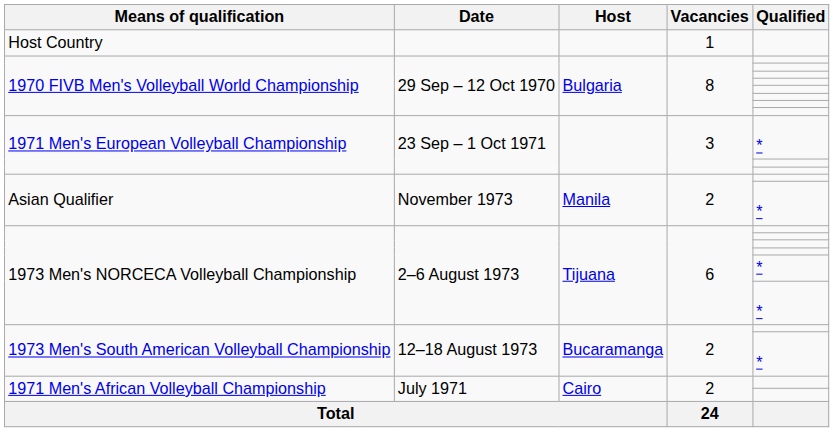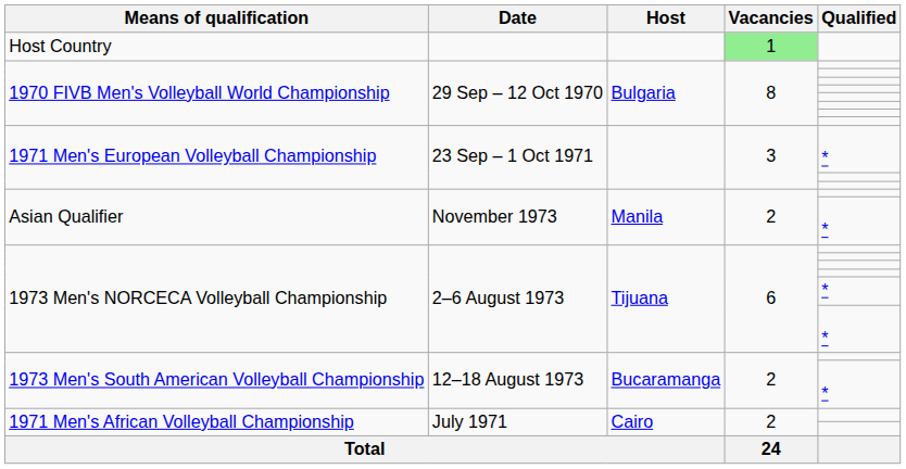 <table class="wikitable">
 <tr>
 <th>Means of qualification</th>
 <th>Date</th>
 <th>Host</th>
 <th>Vacancies</th>
 <th>Qualified</th>
 </tr>
 <tr>
 <td>Host Country</td>
 <td></td>
 <td></td>
-<td align=center>1</td>
+<td align=center style="background: lightgreen;">1</td>
 <td></td>
 </tr>
 <tr>
 <td rowspan=8><a href='#'>1970 FIVB Men's Volleyball World Championship</a></td>
 <td rowspan=8>29 Sep – 12 Oct 1970</td>
 <td rowspan=8> <a href='#'>Bulgaria</a></td>
 <td rowspan=8 align=center>8</td>
 <td></td>
 </tr>
 <tr>
 <td></td>
 </tr>
 <tr>
 <td></td>
 </tr>
 <tr>
 <td></td>
 </tr>
 <tr>
 <td></td>
 </tr>
 <tr>
 <td></td>
 </tr>
 <tr>
 <td></td>
 </tr>
 <tr>
 <td></td>
 </tr>
 <tr>
 <td rowspan=3><a href='#'>1971 Men's European Volleyball Championship</a></td>
 <td rowspan=3>23 Sep – 1 Oct 1971</td>
 <td rowspan=3></td>
 <td rowspan=3 align=center>3</td>
 <td><s></s><br><a href='#'>*</a></td>
 </tr>
 <tr>
 <td></td>
 </tr>
 <tr>
 <td></td>
 </tr>
 <tr>
 <td rowspan=2>Asian Qualifier</td>
 <td rowspan=2>November 1973</td>
 <td rowspan=2> <a href='#'>Manila</a></td>
 <td rowspan=2 align=center>2</td>
 <td></td>
 </tr>
 <tr>
 <td><s></s><br><a href='#'>*</a></td>
 </tr>
 <tr>
 <td rowspan=6>1973 Men's NORCECA Volleyball Championship</td>
 <td rowspan=6>2–6 August 1973</td>
 <td rowspan=6> <a href='#'>Tijuana</a></td>
 <td rowspan=6 align=center>6</td>
 <td></td>
 </tr>
 <tr>
 <td></td>
 </tr>
 <tr>
 <td></td>
 </tr>
 <tr>
 <td></td>
 </tr>
 <tr>
 <td><a href='#'>*</a></td>
 </tr>
 <tr>
 <td><s></s><br><a href='#'>*</a></td>
 </tr>
 <tr>
 <td rowspan=2><a href='#'>1973 Men's South American Volleyball Championship</a></td>
 <td rowspan=2>12–18 August 1973</td>
 <td rowspan=2> <a href='#'>Bucaramanga</a></td>
 <td rowspan=2 align=center>2</td>
 <td></td>
 </tr>
 <tr>
 <td><s></s><br><a href='#'>*</a></td>
 </tr>
 <tr>
 <td rowspan=2><a href='#'>1971 Men's African Volleyball Championship</a></td>
 <td rowspan=2>July 1971</td>
 <td rowspan=2> <a href='#'>Cairo</a></td>
 <td rowspan=2 align=center>2</td>
 <td></td>
 </tr>
 <tr>
 <td></td>
 </tr>
 <tr>
 <th colspan="3">Total</th>
 <th>24</th>
 <th></th>
 </tr>
 </table>
